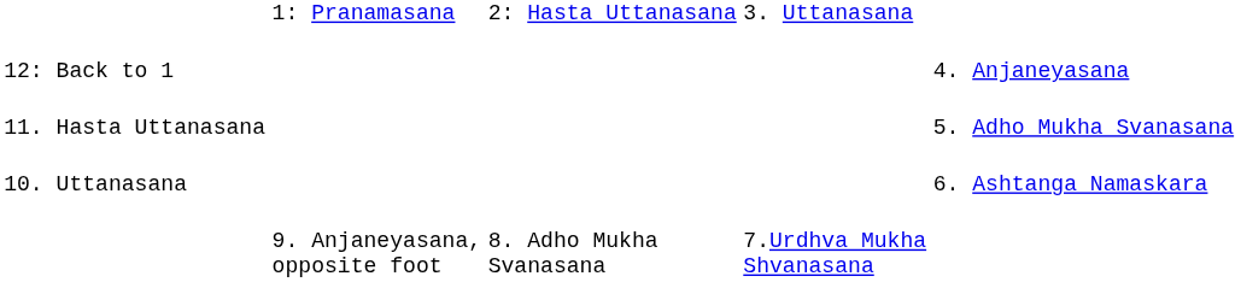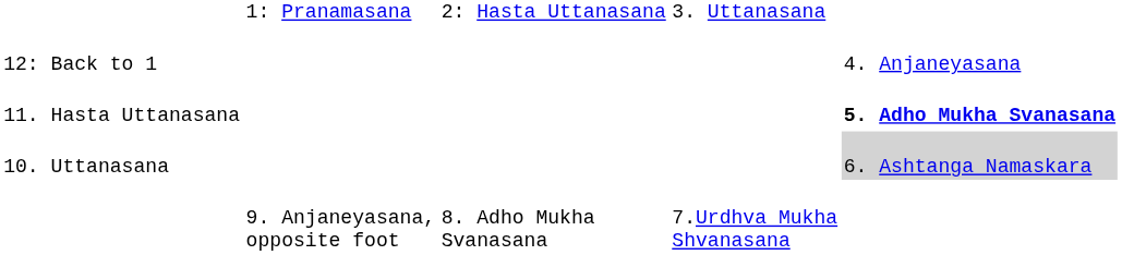 <table>
 <tr>
 <td></td>
 <td><br>1: <a href='#'>Pranamasana</a></td>
 <td><br>2: <a href='#'>Hasta Uttanasana</a></td>
 <td><br>3. <a href='#'>Uttanasana</a></td>
 <td></td>
 </tr>
 <tr>
 <td><br>12: Back to 1</td>
 <td></td>
 <td></td>
 <td></td>
 <td><br>4. <a href='#'>Anjaneyasana</a></td>
 </tr>
 <tr>
 <td><br>11. Hasta Uttanasana</td>
 <td></td>
 <td></td>
 <td></td>
-<td><br>5. <a href='#'>Adho Mukha Svanasana</a></td>
+<td><strong><br>5. <a href='#'>Adho Mukha Svanasana</a></strong></td>
 </tr>
 <tr>
 <td><br>10. Uttanasana</td>
 <td></td>
 <td></td>
 <td></td>
-<td><br>6. <a href='#'>Ashtanga Namaskara</a></td>
+<td style="background: lightgrey;"><br>6. <a href='#'>Ashtanga Namaskara</a></td>
 </tr>
 <tr>
 <td></td>
 <td><br>9. Anjaneyasana,<br>opposite foot</td>
 <td><br>8. Adho Mukha<br>Svanasana</td>
 <td><br>7.<a href='#'>Urdhva Mukha<br>Shvanasana</a></td>
 <td></td>
 </tr>
 </table>
